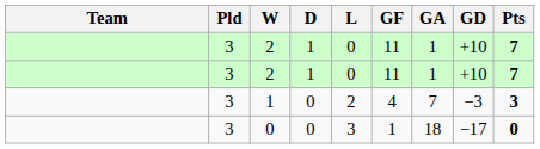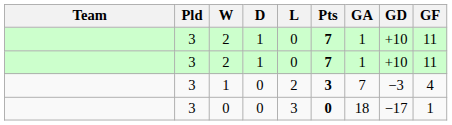 <table class="wikitable" style="text-align: center;">
 <tr>
 <th width="180">Team</th>
 <th width="30">Pld</th>
 <th width="30">W</th>
 <th width="30">D</th>
 <th width="30">L</th>
-<th width="30">GF</th>
+<th width="30">Pts</th>
 <th width="30">GA</th>
 <th width="30">GD</th>
-<th width="30">Pts</th>
+<th width="30">GF</th>
 </tr>
 <tr style="background:#ccffcc;">
 <td style="text-align:left;"></td>
 <td>3</td>
 <td>2</td>
 <td>1</td>
 <td>0</td>
-<td>11</td>
+<td><strong>7</strong></td>
 <td>1</td>
 <td>+10</td>
-<td><strong>7</strong></td>
+<td>11</td>
 </tr>
 <tr style="background:#ccffcc;">
 <td style="text-align:left;"></td>
 <td>3</td>
 <td>2</td>
 <td>1</td>
 <td>0</td>
-<td>11</td>
+<td><strong>7</strong></td>
 <td>1</td>
 <td>+10</td>
-<td><strong>7</strong></td>
+<td>11</td>
 </tr>
 <tr style="background:;">
 <td style="text-align:left;"></td>
 <td>3</td>
 <td>1</td>
 <td>0</td>
 <td>2</td>
-<td>4</td>
+<td><strong>3</strong></td>
 <td>7</td>
 <td>−3</td>
-<td><strong>3</strong></td>
+<td>4</td>
 </tr>
 <tr style="background:;">
 <td style="text-align:left;"></td>
 <td>3</td>
 <td>0</td>
 <td>0</td>
 <td>3</td>
-<td>1</td>
+<td><strong>0</strong></td>
 <td>18</td>
 <td>−17</td>
-<td><strong>0</strong></td>
+<td>1</td>
 </tr>
 </table>
